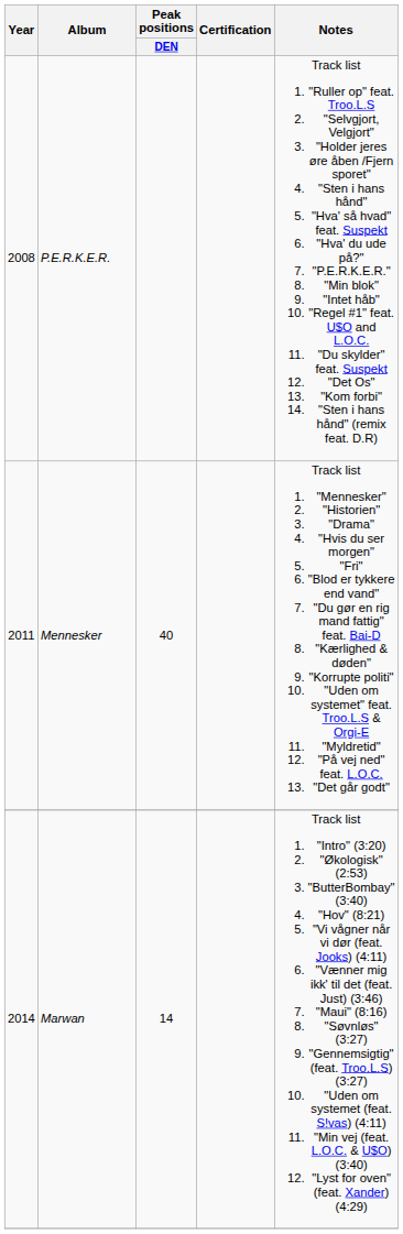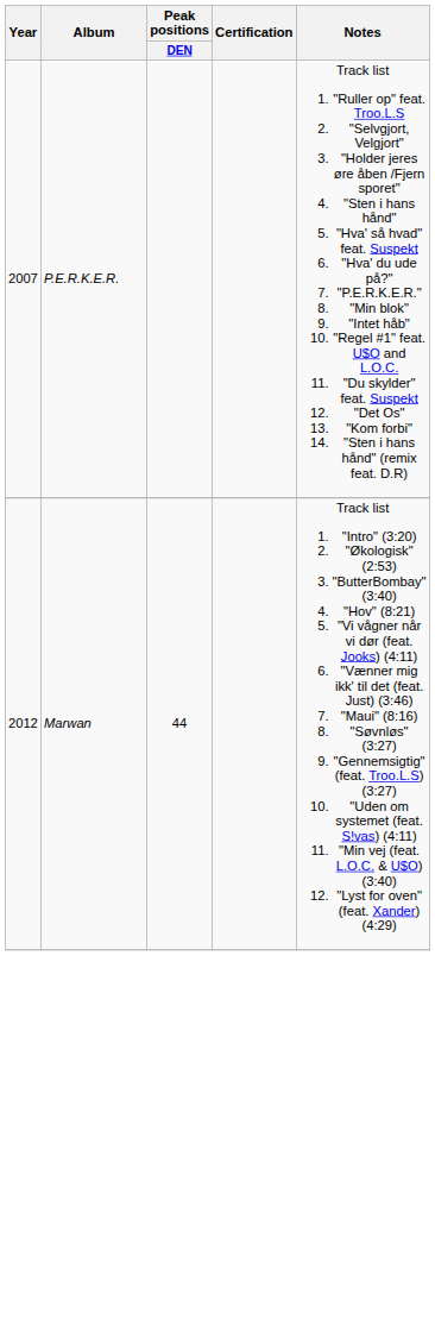 <table class="wikitable">
 <tr>
 <th align="center" rowspan="2" width="10">Year</th>
 <th align="center" rowspan="2" width="120">Album</th>
 <th align="center" colspan="1" width="20">Peak positions</th>
 <th align="center" rowspan="2" width="70">Certification</th>
 <th align="center" rowspan="2" width="150">Notes</th>
 </tr>
 <tr>
 <th scope="col" style="width:3em;font-size:90%;"><a href='#'>DEN</a><br></th>
 </tr>
 <tr>
-<td style="text-align:center;">2008</td>
+<td style="text-align:center;">2007</td>
 <td><em>P.E.R.K.E.R.</em></td>
 <td style="text-align:center;"></td>
 <td style="text-align:center;"></td>
 <td style="text-align:center;">Track list<br><ol><li>"Ruller op" feat. <a href='#'>Troo.L.S</a></li><li>"Selvgjort, Velgjort"</li><li>"Holder jeres øre åben /Fjern sporet"</li><li>"Sten i hans hånd"</li><li>"Hva' så hvad" feat. <a href='#'>Suspekt</a></li><li>"Hva' du ude på?"</li><li>"P.E.R.K.E.R."</li><li>"Min blok"</li><li>"Intet håb"</li><li>"Regel #1" feat. <a href='#'>U$O</a> and <a href='#'>L.O.C.</a></li><li>"Du skylder" feat. <a href='#'>Suspekt</a></li><li>"Det Os"</li><li>"Kom forbi"</li><li>"Sten i hans hånd" (remix feat. D.R)</li></ol></td>
 </tr>
 <tr>
-<td style="text-align:center;">2011</td>
-<td><em>Mennesker</em></td>
-<td style="text-align:center;">40</td>
-<td style="text-align:center;"></td>
-<td style="text-align:center;">Track list<br><ol><li>"Mennesker"</li><li>"Historien"</li><li>"Drama"</li><li>"Hvis du ser morgen"</li><li>"Fri"</li><li>"Blod er tykkere end vand"</li><li>"Du gør en rig mand fattig" feat. <a href='#'>Bai-D</a></li><li>"Kærlighed & døden"</li><li>"Korrupte politi"</li><li>"Uden om systemet" feat. <a href='#'>Troo.L.S</a> & <a href='#'>Orgi-E</a></li><li>"Myldretid"</li><li>"På vej ned" feat. <a href='#'>L.O.C.</a></li><li>"Det går godt"</li></ol></td>
 </tr>
 <tr>
-</tr>
-<tr>
-<td style="text-align:center;">2014</td>
+<td style="text-align:center;">2012</td>
 <td><em>Marwan</em></td>
-<td style="text-align:center;">14</td>
+<td style="text-align:center;">44</td>
 <td style="text-align:center;"></td>
 <td style="text-align:center;">Track list<br><ol><li>"Intro" (3:20)</li><li>"Økologisk" (2:53)</li><li>"ButterBombay" (3:40)</li><li>"Hov" (8:21)</li><li>"Vi vågner når vi dør (feat. <a href='#'>Jooks</a>) (4:11)</li><li>"Vænner mig ikk' til det (feat. Just) (3:46)</li><li>"Maui" (8:16)</li><li>"Søvnløs" (3:27)</li><li>"Gennemsigtig" (feat. <a href='#'>Troo.L.S</a>) (3:27)</li><li>"Uden om systemet (feat. <a href='#'>S!vas</a>) (4:11)</li><li>"Min vej (feat. <a href='#'>L.O.C.</a> & <a href='#'>U$O</a>) (3:40)</li><li>"Lyst for oven" (feat. <a href='#'>Xander</a>) (4:29)</li></ol></td>
 </tr>
 <tr>
 </tr>
 </table>
